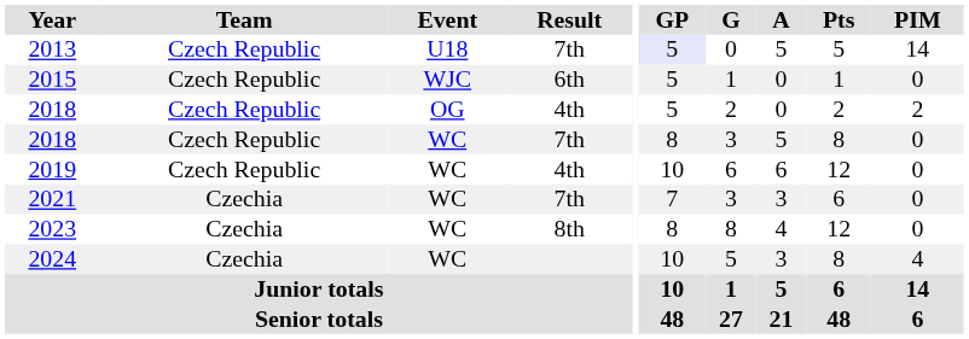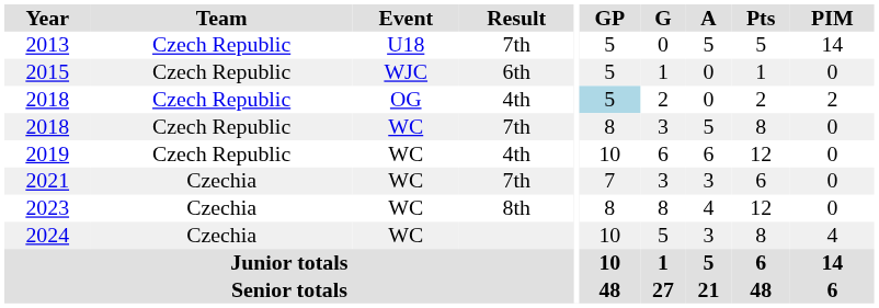 <table border="0" cellpadding="1" cellspacing="0" ID="Table3" style="text-align:center; width:40em">
 <tr ALIGN="center" bgcolor="#e0e0e0">
 <th>Year</th>
 <th>Team</th>
 <th>Event</th>
 <th>Result</th>
 <th rowspan="99" bgcolor="#fff"></th>
 <th>GP</th>
 <th>G</th>
 <th>A</th>
 <th>Pts</th>
 <th>PIM</th>
 </tr>
 <tr>
 <td><a href='#'>2013</a></td>
 <td><a href='#'>Czech Republic</a></td>
 <td><a href='#'>U18</a></td>
 <td>7th</td>
-<td style="background: lavender;">5</td>
+<td>5</td>
 <td>0</td>
 <td>5</td>
 <td>5</td>
 <td>14</td>
 </tr>
 <tr bgcolor="#f0f0f0">
 <td><a href='#'>2015</a></td>
 <td>Czech Republic</td>
 <td><a href='#'>WJC</a></td>
 <td>6th</td>
 <td>5</td>
 <td>1</td>
 <td>0</td>
 <td>1</td>
 <td>0</td>
 </tr>
 <tr>
 <td><a href='#'>2018</a></td>
 <td><a href='#'>Czech Republic</a></td>
 <td><a href='#'>OG</a></td>
 <td>4th</td>
-<td>5</td>
+<td style="background: lightblue;">5</td>
 <td>2</td>
 <td>0</td>
 <td>2</td>
 <td>2</td>
 </tr>
 <tr bgcolor="#f0f0f0">
 <td><a href='#'>2018</a></td>
 <td>Czech Republic</td>
 <td><a href='#'>WC</a></td>
 <td>7th</td>
 <td>8</td>
 <td>3</td>
 <td>5</td>
 <td>8</td>
 <td>0</td>
 </tr>
 <tr>
 <td><a href='#'>2019</a></td>
 <td>Czech Republic</td>
 <td>WC</td>
 <td>4th</td>
 <td>10</td>
 <td>6</td>
 <td>6</td>
 <td>12</td>
 <td>0</td>
 </tr>
 <tr bgcolor="#f0f0f0">
 <td><a href='#'>2021</a></td>
 <td>Czechia</td>
 <td>WC</td>
 <td>7th</td>
 <td>7</td>
 <td>3</td>
 <td>3</td>
 <td>6</td>
 <td>0</td>
 </tr>
 <tr>
 <td><a href='#'>2023</a></td>
 <td>Czechia</td>
 <td>WC</td>
 <td>8th</td>
 <td>8</td>
 <td>8</td>
 <td>4</td>
 <td>12</td>
 <td>0</td>
 </tr>
 <tr bgcolor="#f0f0f0">
 <td><a href='#'>2024</a></td>
 <td>Czechia</td>
 <td>WC</td>
 <td></td>
 <td>10</td>
 <td>5</td>
 <td>3</td>
 <td>8</td>
 <td>4</td>
 </tr>
 <tr bgcolor="#e0e0e0">
 <th colspan="4">Junior totals</th>
 <th>10</th>
 <th>1</th>
 <th>5</th>
 <th>6</th>
 <th>14</th>
 </tr>
 <tr bgcolor="#e0e0e0">
 <th colspan="4">Senior totals</th>
 <th>48</th>
 <th>27</th>
 <th>21</th>
 <th>48</th>
 <th>6</th>
 </tr>
 </table>
